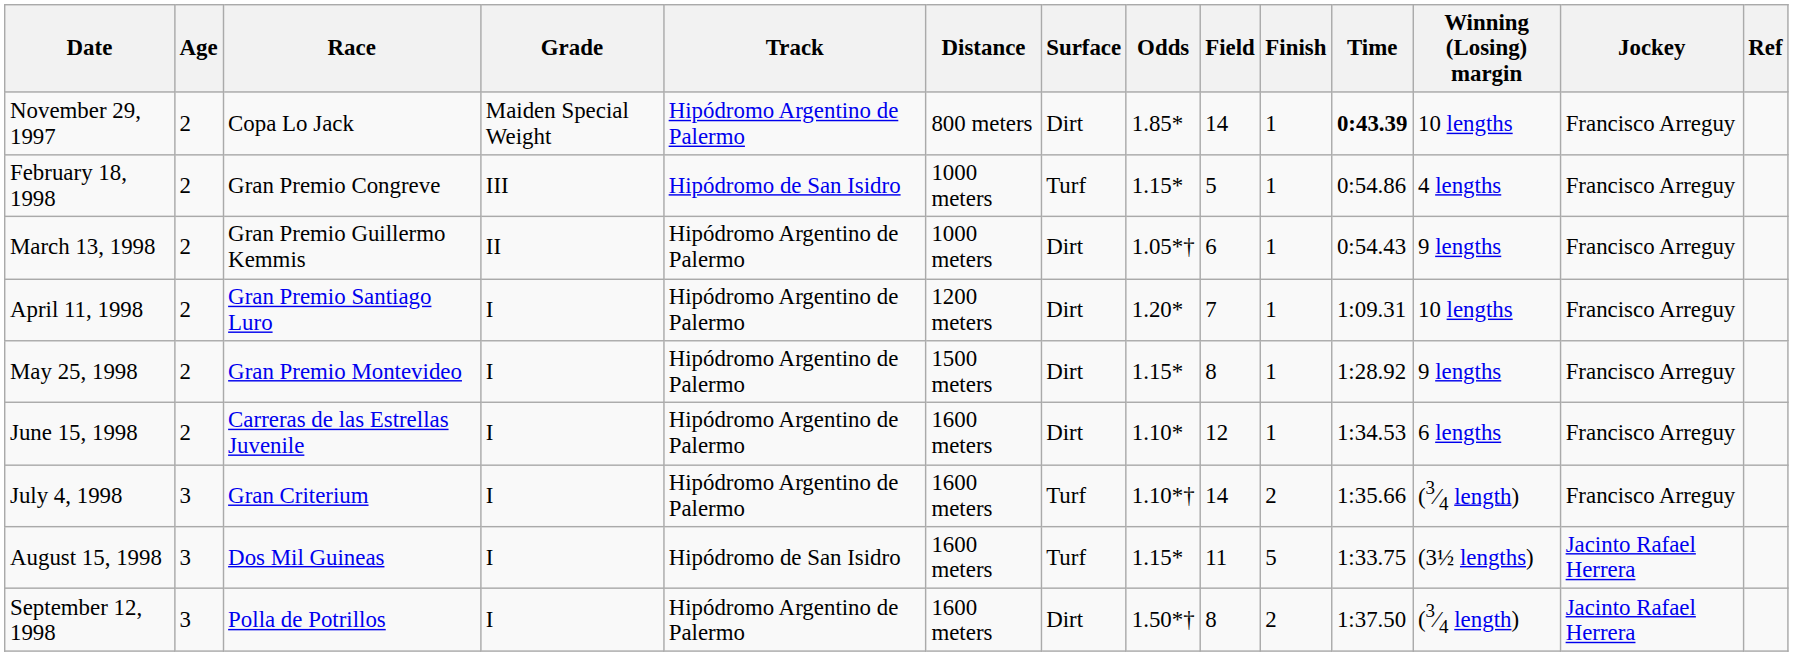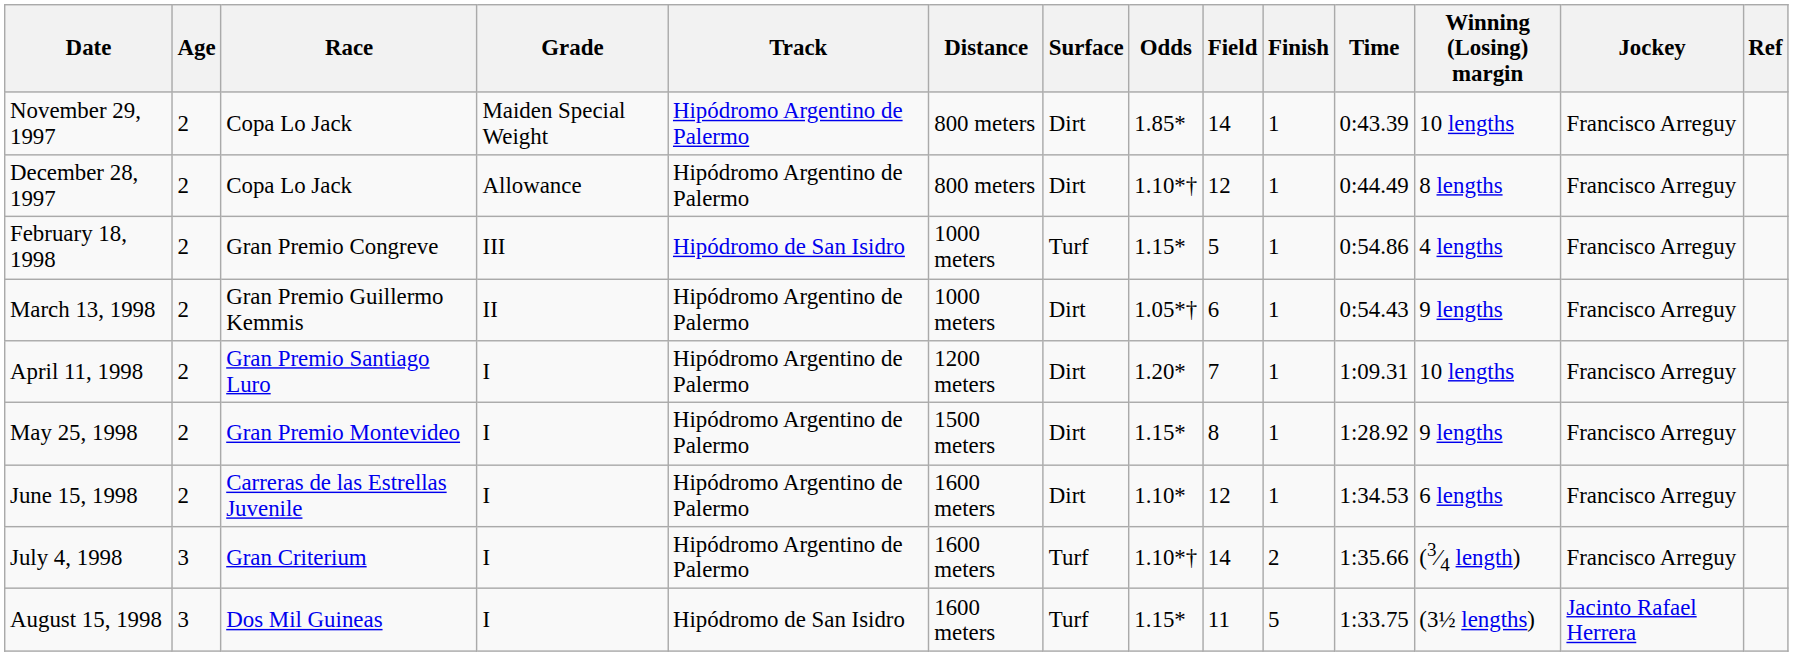 <table class="wikitable sortable">
 <tr>
 <th>Date</th>
 <th>Age</th>
 <th>Race</th>
 <th>Grade</th>
 <th>Track</th>
 <th>Distance</th>
 <th>Surface</th>
 <th>Odds</th>
 <th>Field</th>
 <th>Finish</th>
 <th>Time</th>
 <th>Winning<br>(Losing) margin</th>
 <th>Jockey</th>
 <th>Ref</th>
 </tr>
 <tr>
 <td>November 29, 1997</td>
 <td>2</td>
 <td>Copa Lo Jack</td>
 <td>Maiden Special Weight</td>
 <td><a href='#'>Hipódromo Argentino de Palermo</a></td>
 <td>800 meters</td>
 <td>Dirt</td>
 <td>1.85*</td>
 <td>14</td>
 <td>1</td>
-<td><strong>0:43.39</strong></td>
+<td>0:43.39</td>
 <td>10 <a href='#'>lengths</a></td>
+<td>Francisco Arreguy</td>
+<td></td>
+</tr>
+<tr>
+<td>December 28, 1997</td>
+<td>2</td>
+<td>Copa Lo Jack</td>
+<td>Allowance</td>
+<td>Hipódromo Argentino de Palermo</td>
+<td>800 meters</td>
+<td>Dirt</td>
+<td>1.10*†</td>
+<td>12</td>
+<td>1</td>
+<td>0:44.49</td>
+<td>8 <a href='#'>lengths</a></td>
 <td>Francisco Arreguy</td>
 <td></td>
 </tr>
 <tr>
 <td>February 18, 1998</td>
 <td>2</td>
 <td>Gran Premio Congreve</td>
 <td>III</td>
 <td><a href='#'>Hipódromo de San Isidro</a></td>
 <td>1000 meters</td>
 <td>Turf</td>
 <td>1.15*</td>
 <td>5</td>
 <td>1</td>
 <td>0:54.86</td>
 <td>4 <a href='#'>lengths</a></td>
 <td>Francisco Arreguy</td>
 <td></td>
 </tr>
 <tr>
 <td>March 13, 1998</td>
 <td>2</td>
 <td>Gran Premio Guillermo Kemmis</td>
 <td>II</td>
 <td>Hipódromo Argentino de Palermo</td>
 <td>1000 meters</td>
 <td>Dirt</td>
 <td>1.05*†</td>
 <td>6</td>
 <td>1</td>
 <td>0:54.43</td>
 <td>9 <a href='#'>lengths</a></td>
 <td>Francisco Arreguy</td>
 <td></td>
 </tr>
 <tr>
 <td>April 11, 1998</td>
 <td>2</td>
 <td><a href='#'>Gran Premio Santiago Luro</a></td>
 <td>I</td>
 <td>Hipódromo Argentino de Palermo</td>
 <td>1200 meters</td>
 <td>Dirt</td>
 <td>1.20*</td>
 <td>7</td>
 <td>1</td>
 <td>1:09.31</td>
 <td>10 <a href='#'>lengths</a></td>
 <td>Francisco Arreguy</td>
 <td></td>
 </tr>
 <tr>
 <td>May 25, 1998</td>
 <td>2</td>
 <td><a href='#'>Gran Premio Montevideo</a></td>
 <td>I</td>
 <td>Hipódromo Argentino de Palermo</td>
 <td>1500 meters</td>
 <td>Dirt</td>
 <td>1.15*</td>
 <td>8</td>
 <td>1</td>
 <td>1:28.92</td>
 <td>9 <a href='#'>lengths</a></td>
 <td>Francisco Arreguy</td>
 <td></td>
 </tr>
 <tr>
 <td>June 15, 1998</td>
 <td>2</td>
 <td><a href='#'>Carreras de las Estrellas Juvenile</a></td>
 <td>I</td>
 <td>Hipódromo Argentino de Palermo</td>
 <td>1600 meters</td>
 <td>Dirt</td>
 <td>1.10*</td>
 <td>12</td>
 <td>1</td>
 <td>1:34.53</td>
 <td>6 <a href='#'>lengths</a></td>
 <td>Francisco Arreguy</td>
 <td></td>
 </tr>
 <tr>
 <td>July 4, 1998</td>
 <td>3</td>
 <td><a href='#'>Gran Criterium</a></td>
 <td>I</td>
 <td>Hipódromo Argentino de Palermo</td>
 <td>1600 meters</td>
 <td>Turf</td>
 <td>1.10*†</td>
 <td>14</td>
 <td>2</td>
 <td>1:35.66</td>
 <td>(<sup>3</sup>⁄<sub>4</sub> <a href='#'>length</a>)</td>
 <td>Francisco Arreguy</td>
 <td></td>
 </tr>
 <tr>
 <td>August 15, 1998</td>
 <td>3</td>
 <td><a href='#'>Dos Mil Guineas</a></td>
 <td>I</td>
 <td>Hipódromo de San Isidro</td>
 <td>1600 meters</td>
 <td>Turf</td>
 <td>1.15*</td>
 <td>11</td>
 <td>5</td>
 <td>1:33.75</td>
 <td>(3½ <a href='#'>lengths</a>)</td>
 <td><a href='#'>Jacinto Rafael Herrera</a></td>
 <td></td>
 </tr>
-<tr>
-<td>September 12, 1998</td>
-<td>3</td>
-<td><a href='#'>Polla de Potrillos</a></td>
-<td>I</td>
-<td>Hipódromo Argentino de Palermo</td>
-<td>1600 meters</td>
-<td>Dirt</td>
-<td>1.50*†</td>
-<td>8</td>
-<td>2</td>
-<td>1:37.50</td>
-<td>(<sup>3</sup>⁄<sub>4</sub> <a href='#'>length</a>)</td>
-<td><a href='#'>Jacinto Rafael Herrera</a></td>
-<td></td>
-</tr>
 </table>
